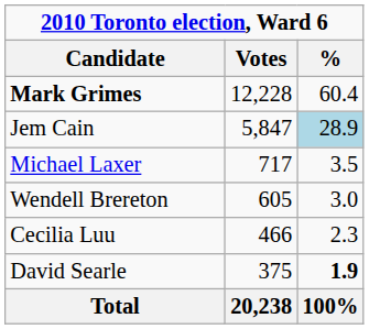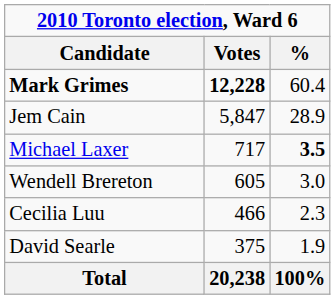 <table class="wikitable">
 <tr>
 <td Colspan="3" align="center"><strong><a href='#'>2010 Toronto election</a>, Ward 6</strong></td>
 </tr>
 <tr>
 <th bgcolor="#DDDDFF" width="150px">Candidate</th>
 <th bgcolor="#DDDDFF">Votes</th>
 <th bgcolor="#DDDDFF">%</th>
 </tr>
 <tr>
 <td><strong>Mark Grimes</strong></td>
-<td align=right>12,228</td>
+<td align=right><strong>12,228</strong></td>
 <td align=right>60.4</td>
 </tr>
 <tr>
 <td>Jem Cain</td>
 <td align=right>5,847</td>
-<td align=right style="background: lightblue;">28.9</td>
+<td align=right>28.9</td>
 </tr>
 <tr>
 <td><a href='#'>Michael Laxer</a></td>
 <td align=right>717</td>
-<td align=right>3.5</td>
+<td align=right><strong>3.5</strong></td>
 </tr>
 <tr>
 <td>Wendell Brereton</td>
 <td align=right>605</td>
 <td align=right>3.0</td>
 </tr>
 <tr>
 <td>Cecilia Luu</td>
 <td align=right>466</td>
 <td align=right>2.3</td>
 </tr>
 <tr>
 <td>David Searle</td>
 <td align=right>375</td>
-<td align=right><strong>1.9</strong></td>
+<td align=right>1.9</td>
 </tr>
 <tr>
 <th>Total</th>
 <th align=right>20,238</th>
 <th align=right>100%</th>
 </tr>
 </table>
